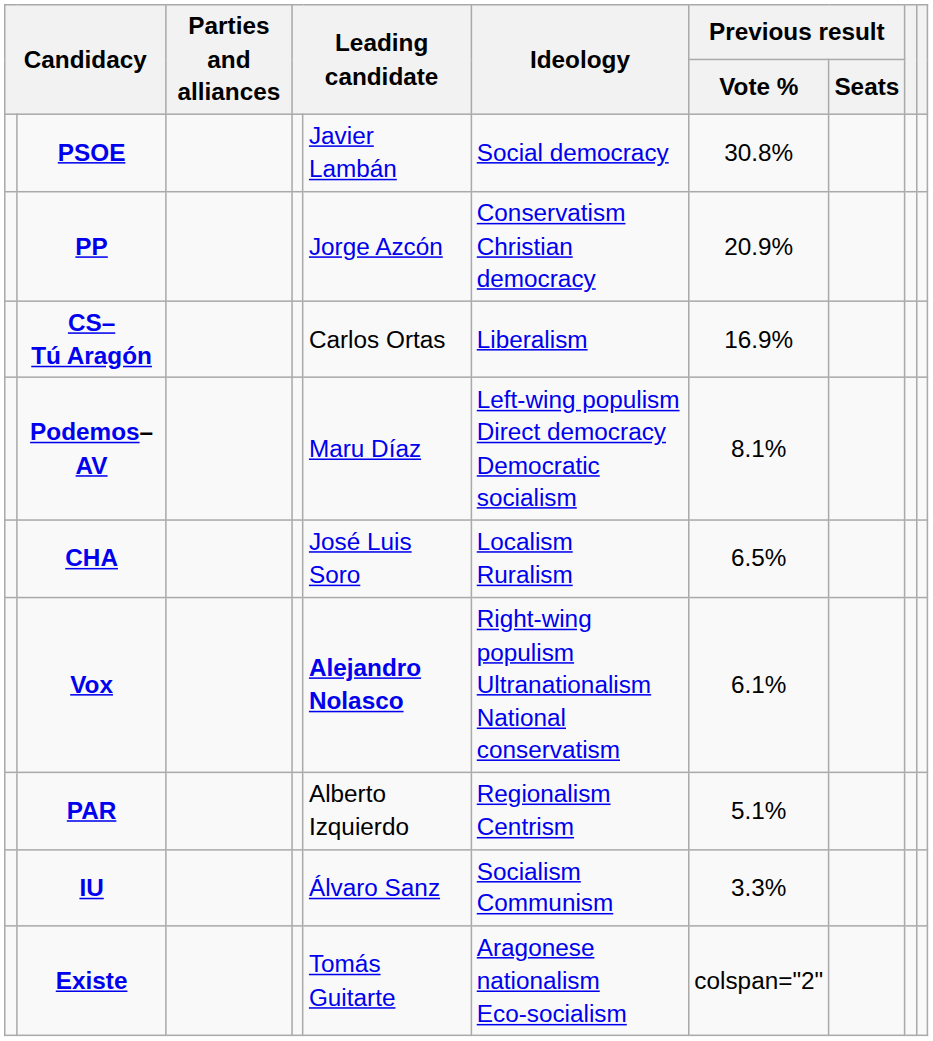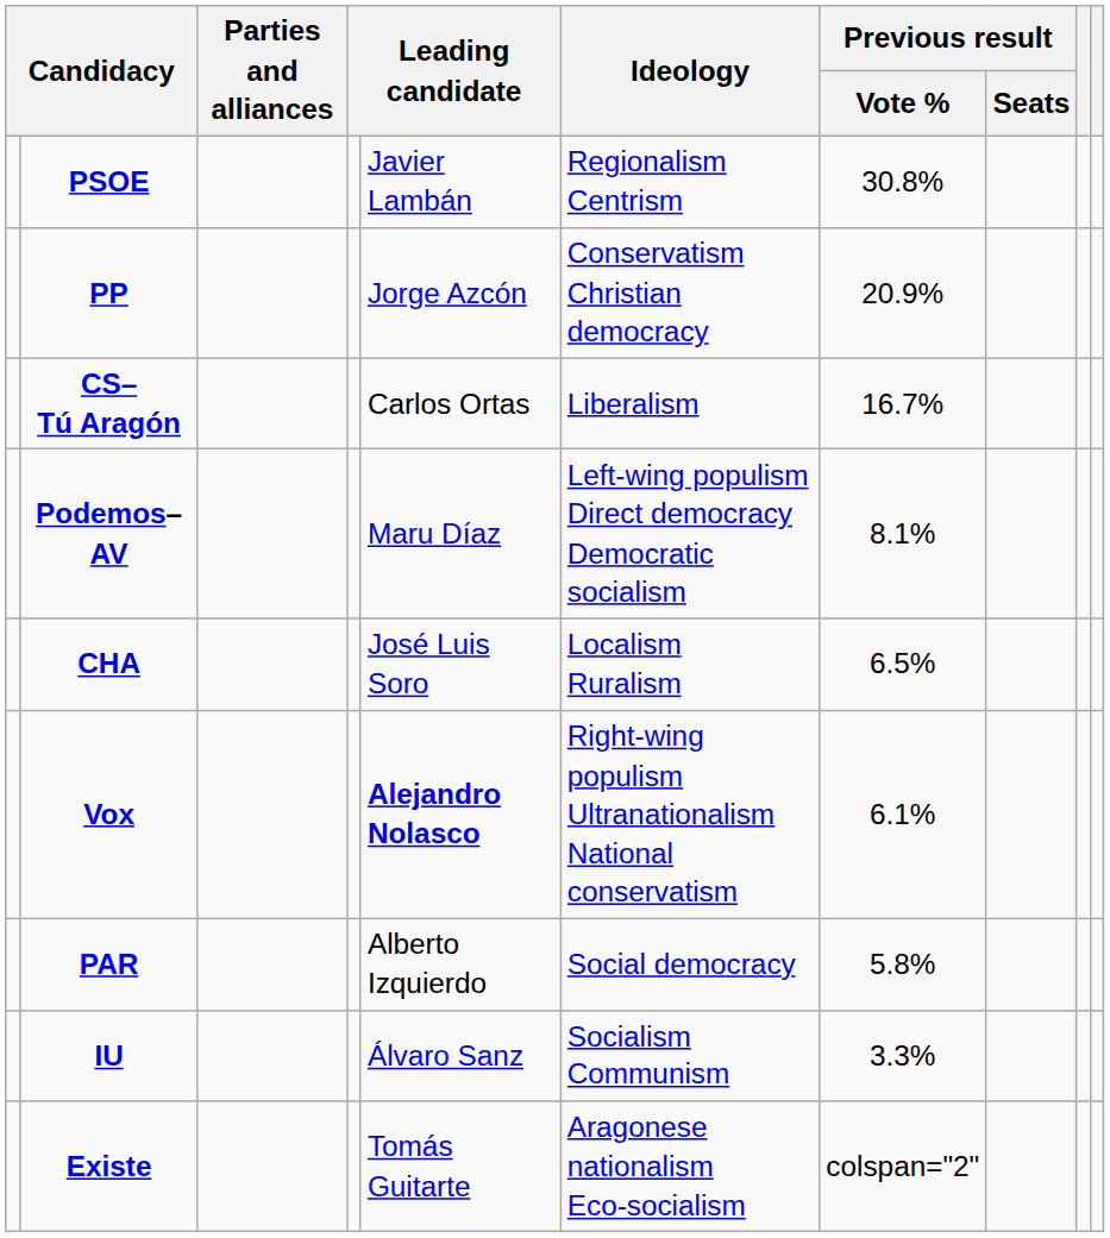 <table class="wikitable" style="line-height:1.35em; text-align:left;">
 <tr>
 <th colspan="2" rowspan="2">Candidacy</th>
 <th rowspan="2">Parties and<br>alliances</th>
 <th colspan="2" rowspan="2">Leading candidate</th>
 <th rowspan="2">Ideology</th>
 <th colspan="2">Previous result</th>
 <th rowspan="2"></th>
 <th rowspan="2"></th>
 </tr>
 <tr>
 <th>Vote %</th>
 <th>Seats</th>
 </tr>
 <tr>
 <td width="1" style="color:inherit;background:"></td>
 <td align="center"><strong><a href='#'>PSOE</a></strong></td>
 <td></td>
 <td></td>
 <td><a href='#'>Javier Lambán</a></td>
-<td><a href='#'>Social democracy</a></td>
+<td><a href='#'>Regionalism</a><br><a href='#'>Centrism</a></td>
 <td align="center">30.8%</td>
 <td></td>
 <td></td>
 <td><br><br></td>
 </tr>
 <tr>
 <td style="color:inherit;background:"></td>
 <td align="center"><strong><a href='#'>PP</a></strong></td>
 <td></td>
 <td></td>
 <td><a href='#'>Jorge Azcón</a></td>
 <td><a href='#'>Conservatism</a><br><a href='#'>Christian democracy</a></td>
 <td align="center">20.9%</td>
 <td></td>
 <td></td>
 <td><br><br><br></td>
 </tr>
 <tr>
 <td style="color:inherit;background:"></td>
 <td align="center"><strong><a href='#'>CS–<br>Tú Aragón</a></strong></td>
 <td></td>
 <td></td>
 <td>Carlos Ortas</td>
 <td><a href='#'>Liberalism</a></td>
-<td align="center">16.9%</td>
+<td align="center">16.7%</td>
 <td></td>
 <td></td>
 <td><br></td>
 </tr>
 <tr>
 <td style="color:inherit;background:"></td>
 <td align="center"><strong><a href='#'>Podemos</a>–<a href='#'>AV</a></strong></td>
 <td></td>
 <td></td>
 <td><a href='#'>Maru Díaz</a></td>
 <td><a href='#'>Left-wing populism</a><br><a href='#'>Direct democracy</a><br><a href='#'>Democratic socialism</a></td>
 <td align="center">8.1%</td>
 <td></td>
 <td></td>
 <td></td>
 </tr>
 <tr>
 <td style="color:inherit;background:"></td>
 <td align="center"><strong><a href='#'>CHA</a></strong></td>
 <td></td>
 <td></td>
 <td><a href='#'>José Luis Soro</a></td>
 <td><a href='#'>Localism</a><br><a href='#'>Ruralism</a></td>
 <td align="center">6.5%</td>
 <td></td>
 <td></td>
 <td></td>
 </tr>
 <tr>
 <td style="color:inherit;background:"></td>
 <td align="center"><strong><a href='#'>Vox</a></strong></td>
 <td></td>
 <td></td>
 <td><strong><a href='#'>Alejandro Nolasco</a></strong></td>
 <td><a href='#'>Right-wing populism</a><br><a href='#'>Ultranationalism</a><br><a href='#'>National conservatism</a></td>
 <td align="center">6.1%</td>
 <td></td>
 <td></td>
 <td></td>
 </tr>
 <tr>
 <td style="color:inherit;background:"></td>
 <td align="center"><strong><a href='#'>PAR</a></strong></td>
 <td></td>
 <td></td>
 <td>Alberto Izquierdo</td>
-<td><a href='#'>Regionalism</a><br><a href='#'>Centrism</a></td>
-<td align="center">5.1%</td>
+<td><a href='#'>Social democracy</a></td>
+<td align="center">5.8%</td>
 <td></td>
 <td></td>
 <td><br></td>
 </tr>
 <tr>
 <td style="color:inherit;background:"></td>
 <td align="center"><strong><a href='#'>IU</a></strong></td>
 <td></td>
 <td></td>
 <td><a href='#'>Álvaro Sanz</a></td>
 <td><a href='#'>Socialism</a><br><a href='#'>Communism</a></td>
 <td align="center">3.3%</td>
 <td></td>
 <td></td>
 <td></td>
 </tr>
 <tr>
 <td style="color:inherit;background:"></td>
 <td align="center"><strong><a href='#'>Existe</a></strong></td>
 <td></td>
 <td></td>
 <td><a href='#'>Tomás Guitarte</a></td>
 <td><a href='#'>Aragonese nationalism</a><br><a href='#'>Eco-socialism</a></td>
 <td>colspan="2" </td>
 <td></td>
 <td><br></td>
 </tr>
 </table>
